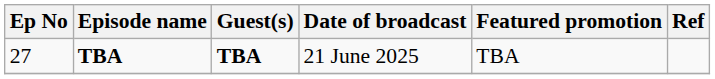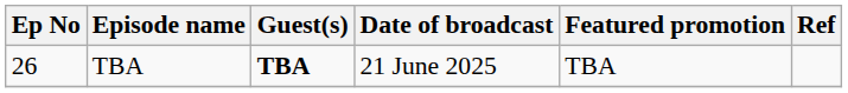 <table class="wikitable sortable">
 <tr>
 <th>Ep No</th>
 <th>Episode name</th>
 <th>Guest(s)</th>
 <th>Date of broadcast</th>
 <th>Featured promotion</th>
 <th>Ref</th>
 </tr>
 <tr>
-<td>27</td>
-<td><strong>TBA</strong></td>
+<td>26</td>
+<td>TBA</td>
 <td><strong>TBA</strong></td>
 <td>21 June 2025</td>
 <td>TBA</td>
 <td></td>
 </tr>
 <tr>
 </tr>
 </table>
